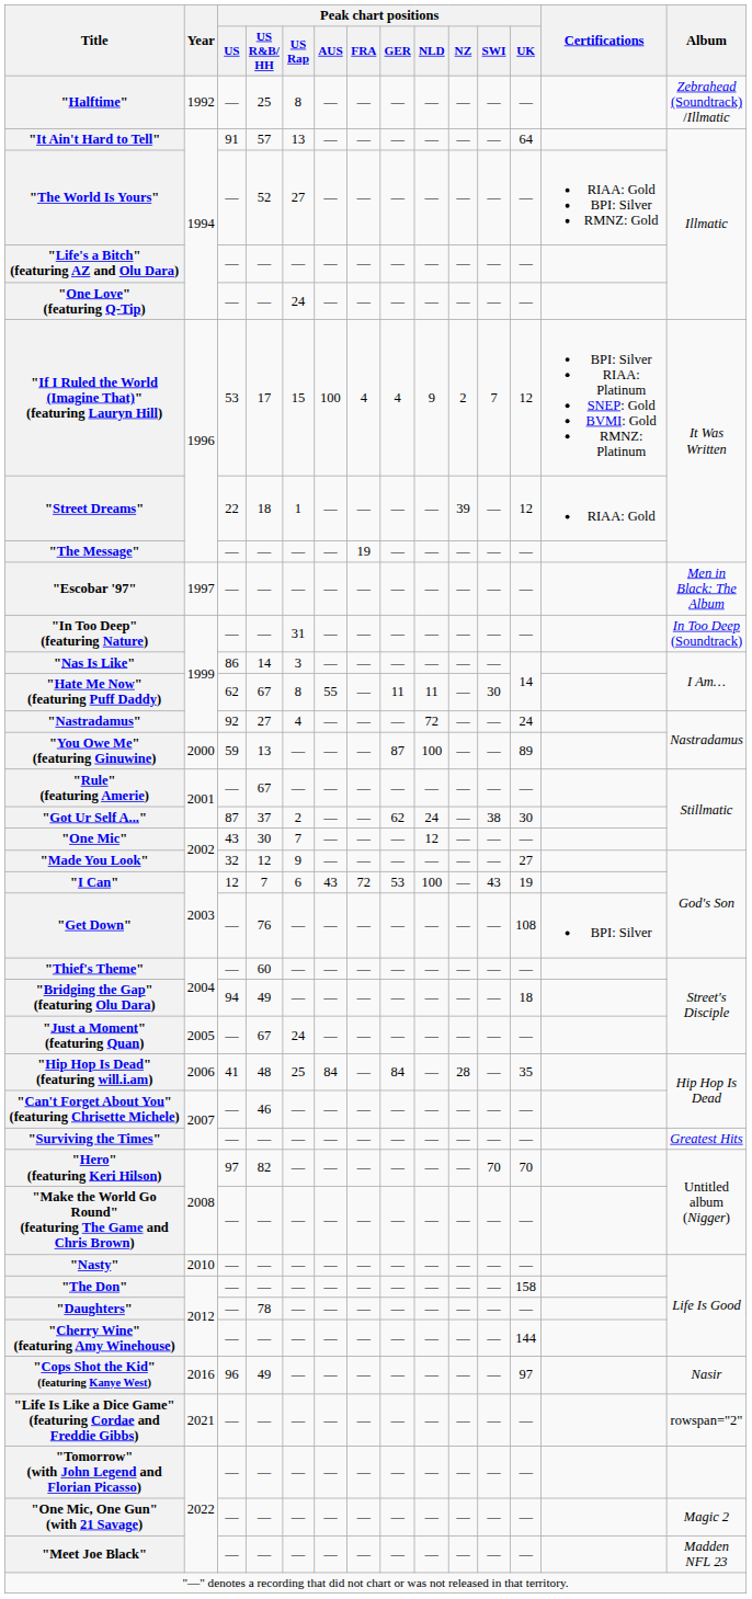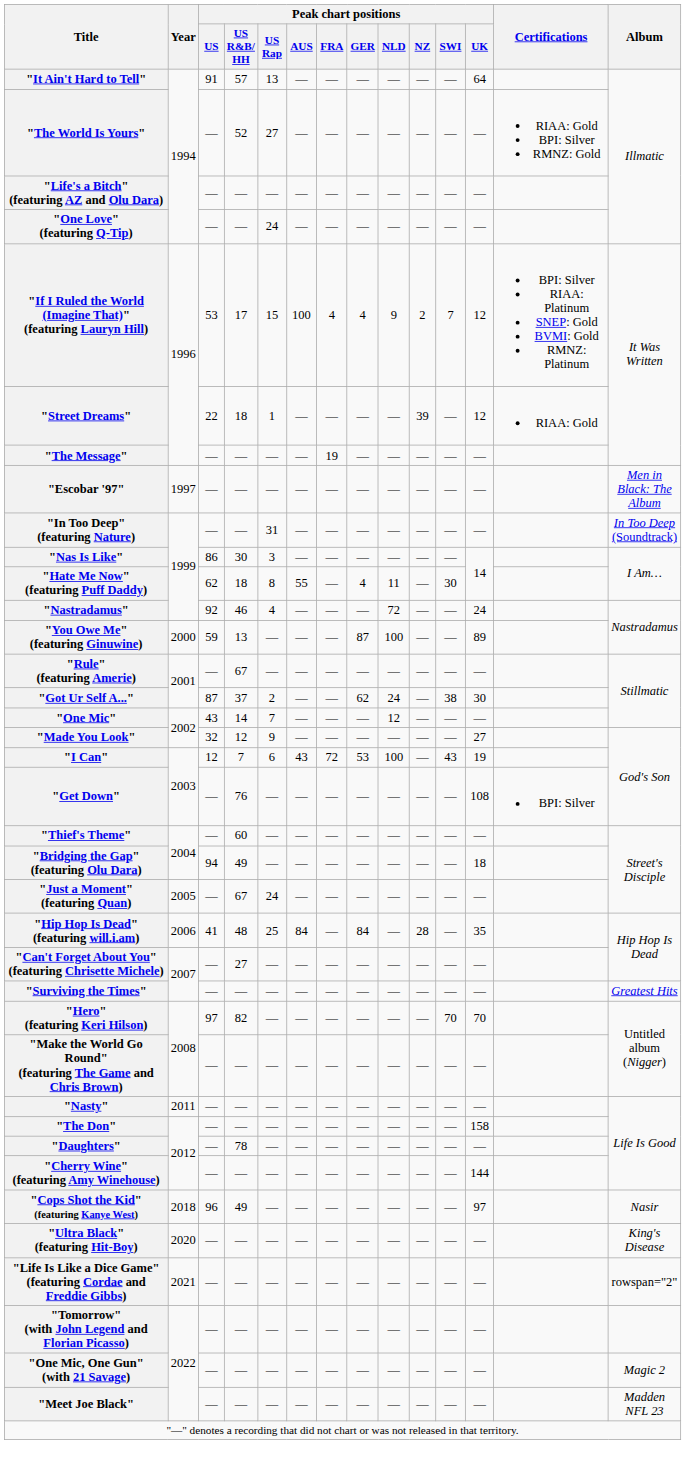 <table class="wikitable plainrowheaders" style="text-align:center;">
 <tr>
 <th scope="col" rowspan="2" style="width:20em;">Title</th>
 <th scope="col" rowspan="2">Year</th>
 <th scope="col" colspan="10">Peak chart positions</th>
 <th scope="col" rowspan="2" style="width:12em;"><a href='#'>Certifications</a></th>
 <th scope="col" rowspan="2">Album</th>
 </tr>
 <tr>
 <th scope="col" style="width:2.5em;font-size:90%;"><a href='#'>US</a><br></th>
 <th scope="col" style="width:2.5em;font-size:90%;"><a href='#'>US<br>R&B/<br>HH</a><br></th>
 <th scope="col" style="width:2.5em;font-size:90%;"><a href='#'>US<br>Rap</a><br></th>
 <th scope="col" style="width:2.5em;font-size:90%;"><a href='#'>AUS</a><br></th>
 <th scope="col" style="width:2.5em;font-size:90%;"><a href='#'>FRA</a><br></th>
 <th scope="col" style="width:2.5em;font-size:90%;"><a href='#'>GER</a><br></th>
 <th scope="col" style="width:2.5em;font-size:90%;"><a href='#'>NLD</a><br></th>
 <th scope="col" style="width:2.5em;font-size:90%;"><a href='#'>NZ</a><br></th>
 <th scope="col" style="width:2.5em;font-size:90%;"><a href='#'>SWI</a><br></th>
 <th scope="col" style="width:2.5em;font-size:90%;"><a href='#'>UK</a><br></th>
-</tr>
-<tr>
-<th scope="row">"<a href='#'>Halftime</a>"<br></th>
-<td>1992</td>
-<td>—</td>
-<td>25</td>
-<td>8</td>
-<td>—</td>
-<td>—</td>
-<td>—</td>
-<td>—</td>
-<td>—</td>
-<td>—</td>
-<td>—</td>
-<td></td>
-<td><a href='#'><em>Zebrahead</em> (Soundtrack)</a>  /<em>Illmatic</em></td>
 </tr>
 <tr>
 <th scope="row">"<a href='#'>It Ain't Hard to Tell</a>"</th>
 <td rowspan="4">1994</td>
 <td>91</td>
 <td>57</td>
 <td>13</td>
 <td>—</td>
 <td>—</td>
 <td>—</td>
 <td>—</td>
 <td>—</td>
 <td>—</td>
 <td>64</td>
 <td></td>
 <td rowspan="4"><em>Illmatic</em></td>
 </tr>
 <tr>
 <th scope="row">"<a href='#'>The World Is Yours</a>"</th>
 <td>—</td>
 <td>52</td>
 <td>27</td>
 <td>—</td>
 <td>—</td>
 <td>—</td>
 <td>—</td>
 <td>—</td>
 <td>—</td>
 <td>—</td>
 <td><br><ul><li>RIAA: Gold</li><li>BPI: Silver</li><li>RMNZ: Gold</li></ul></td>
 </tr>
 <tr>
 <th scope="row">"<a href='#'>Life's a Bitch</a>"<br><span>(featuring <a href='#'>AZ</a> and <a href='#'>Olu Dara</a>)</span></th>
 <td>—</td>
 <td>—</td>
 <td>—</td>
 <td>—</td>
 <td>—</td>
 <td>—</td>
 <td>—</td>
 <td>—</td>
 <td>—</td>
 <td>—</td>
 <td></td>
 </tr>
 <tr>
 <th scope="row">"<a href='#'>One Love</a>"<br><span>(featuring <a href='#'>Q-Tip</a>)</span></th>
 <td>—</td>
 <td>—</td>
 <td>24</td>
 <td>—</td>
 <td>—</td>
 <td>—</td>
 <td>—</td>
 <td>—</td>
 <td>—</td>
 <td>—</td>
 <td></td>
 </tr>
 <tr>
 <th scope="row">"<a href='#'>If I Ruled the World (Imagine That)</a>"<br><span>(featuring <a href='#'>Lauryn Hill</a>)</span></th>
 <td rowspan="3">1996</td>
 <td>53</td>
 <td>17</td>
 <td>15</td>
 <td>100</td>
 <td>4</td>
 <td>4</td>
 <td>9</td>
 <td>2</td>
 <td>7</td>
 <td>12</td>
 <td><br><ul><li>BPI: Silver</li><li>RIAA: Platinum</li><li><a href='#'>SNEP</a>: Gold</li><li><a href='#'>BVMI</a>: Gold</li><li>RMNZ: Platinum</li></ul></td>
 <td rowspan="3"><em>It Was Written</em></td>
 </tr>
 <tr>
 <th scope="row">"<a href='#'>Street Dreams</a>"</th>
 <td>22</td>
 <td>18</td>
 <td>1</td>
 <td>—</td>
 <td>—</td>
 <td>—</td>
 <td>—</td>
 <td>39</td>
 <td>—</td>
 <td>12</td>
 <td><br><ul><li>RIAA: Gold</li></ul></td>
 </tr>
 <tr>
 <th scope="row">"<a href='#'>The Message</a>"</th>
 <td>—</td>
 <td>—</td>
 <td>—</td>
 <td>—</td>
 <td>19</td>
 <td>—</td>
 <td>—</td>
 <td>—</td>
 <td>—</td>
 <td>—</td>
 <td></td>
 </tr>
 <tr>
 <th scope="row">"Escobar '97"</th>
 <td>1997</td>
 <td>—</td>
 <td>—</td>
 <td>—</td>
 <td>—</td>
 <td>—</td>
 <td>—</td>
 <td>—</td>
 <td>—</td>
 <td>—</td>
 <td>—</td>
 <td></td>
 <td><em><a href='#'>Men in Black: The Album</a></em></td>
 </tr>
 <tr>
 <th scope="row">"In Too Deep"<br><span>(featuring <a href='#'>Nature</a>)</span></th>
 <td rowspan="4">1999</td>
 <td>—</td>
 <td>—</td>
 <td>31</td>
 <td>—</td>
 <td>—</td>
 <td>—</td>
 <td>—</td>
 <td>—</td>
 <td>—</td>
 <td>—</td>
 <td></td>
 <td><a href='#'><em>In Too Deep</em> (Soundtrack)</a></td>
 </tr>
 <tr>
 <th scope="row">"<a href='#'>Nas Is Like</a>"</th>
 <td>86</td>
-<td>14</td>
+<td>30</td>
 <td>3</td>
 <td>—</td>
 <td>—</td>
 <td>—</td>
 <td>—</td>
 <td>—</td>
 <td>—</td>
 <td rowspan="2">14</td>
 <td></td>
 <td rowspan="2"><em>I Am…</em></td>
 </tr>
 <tr>
 <th scope="row">"<a href='#'>Hate Me Now</a>"<br><span>(featuring <a href='#'>Puff Daddy</a>)</span></th>
 <td>62</td>
-<td>67</td>
+<td>18</td>
 <td>8</td>
 <td>55</td>
 <td>—</td>
-<td>11</td>
+<td>4</td>
 <td>11</td>
 <td>—</td>
 <td>30</td>
 <td></td>
 </tr>
 <tr>
 <th scope="row">"<a href='#'>Nastradamus</a>"</th>
 <td>92</td>
-<td>27</td>
+<td>46</td>
 <td>4</td>
 <td>—</td>
 <td>—</td>
 <td>—</td>
 <td>72</td>
 <td>—</td>
 <td>—</td>
 <td>24</td>
 <td></td>
 <td rowspan="2"><em>Nastradamus</em></td>
 </tr>
 <tr>
 <th scope="row">"<a href='#'>You Owe Me</a>"<br><span>(featuring <a href='#'>Ginuwine</a>)</span></th>
 <td>2000</td>
 <td>59</td>
 <td>13</td>
 <td>—</td>
 <td>—</td>
 <td>—</td>
 <td>87</td>
 <td>100</td>
 <td>—</td>
 <td>—</td>
 <td>89</td>
 <td></td>
 </tr>
 <tr>
 <th scope="row">"<a href='#'>Rule</a>"<br><span>(featuring <a href='#'>Amerie</a>)</span></th>
 <td rowspan="2">2001</td>
 <td>—</td>
 <td>67</td>
 <td>—</td>
 <td>—</td>
 <td>—</td>
 <td>—</td>
 <td>—</td>
 <td>—</td>
 <td>—</td>
 <td>—</td>
 <td></td>
 <td rowspan="3"><em>Stillmatic</em></td>
 </tr>
 <tr>
 <th scope="row">"<a href='#'>Got Ur Self A...</a>"</th>
 <td>87</td>
 <td>37</td>
 <td>2</td>
 <td>—</td>
 <td>—</td>
 <td>62</td>
 <td>24</td>
 <td>—</td>
 <td>38</td>
 <td>30</td>
 <td></td>
 </tr>
 <tr>
 <th scope="row">"<a href='#'>One Mic</a>"</th>
 <td rowspan="2">2002</td>
 <td>43</td>
-<td>30</td>
+<td>14</td>
 <td>7</td>
 <td>—</td>
 <td>—</td>
 <td>—</td>
 <td>12</td>
 <td>—</td>
 <td>—</td>
 <td>—</td>
 <td></td>
 </tr>
 <tr>
 <th scope="row">"<a href='#'>Made You Look</a>"</th>
 <td>32</td>
 <td>12</td>
 <td>9</td>
 <td>—</td>
 <td>—</td>
 <td>—</td>
 <td>—</td>
 <td>—</td>
 <td>—</td>
 <td>27</td>
 <td></td>
 <td rowspan="3"><em>God's Son</em></td>
 </tr>
 <tr>
 <th scope="row">"<a href='#'>I Can</a>"</th>
 <td rowspan="2">2003</td>
 <td>12</td>
 <td>7</td>
 <td>6</td>
 <td>43</td>
 <td>72</td>
 <td>53</td>
 <td>100</td>
 <td>—</td>
 <td>43</td>
 <td>19</td>
 <td></td>
 </tr>
 <tr>
 <th scope="row">"<a href='#'>Get Down</a>"</th>
 <td>—</td>
 <td>76</td>
 <td>—</td>
 <td>—</td>
 <td>—</td>
 <td>—</td>
 <td>—</td>
 <td>—</td>
 <td>—</td>
 <td>108</td>
 <td><br><ul><li>BPI: Silver</li></ul></td>
 </tr>
 <tr>
 <th scope="row">"<a href='#'>Thief's Theme</a>"</th>
 <td rowspan="2">2004</td>
 <td>—</td>
 <td>60</td>
 <td>—</td>
 <td>—</td>
 <td>—</td>
 <td>—</td>
 <td>—</td>
 <td>—</td>
 <td>—</td>
 <td>—</td>
 <td></td>
 <td rowspan="3"><em>Street's Disciple</em></td>
 </tr>
 <tr>
 <th scope="row">"<a href='#'>Bridging the Gap</a>"<br><span>(featuring <a href='#'>Olu Dara</a>)</span></th>
 <td>94</td>
 <td>49</td>
 <td>—</td>
 <td>—</td>
 <td>—</td>
 <td>—</td>
 <td>—</td>
 <td>—</td>
 <td>—</td>
 <td>18</td>
 <td></td>
 </tr>
 <tr>
 <th scope="row">"<a href='#'>Just a Moment</a>"<br><span>(featuring <a href='#'>Quan</a>)</span></th>
 <td>2005</td>
 <td>—</td>
 <td>67</td>
 <td>24</td>
 <td>—</td>
 <td>—</td>
 <td>—</td>
 <td>—</td>
 <td>—</td>
 <td>—</td>
 <td>—</td>
 <td></td>
 </tr>
 <tr>
 <th scope="row">"<a href='#'>Hip Hop Is Dead</a>"<br><span>(featuring <a href='#'>will.i.am</a>)</span></th>
 <td>2006</td>
 <td>41</td>
 <td>48</td>
 <td>25</td>
 <td>84</td>
 <td>—</td>
 <td>84</td>
 <td>—</td>
 <td>28</td>
 <td>—</td>
 <td>35</td>
 <td></td>
 <td rowspan="2"><em>Hip Hop Is Dead</em></td>
 </tr>
 <tr>
 <th scope="row">"<a href='#'>Can't Forget About You</a>"<br><span>(featuring <a href='#'>Chrisette Michele</a>)</span></th>
 <td rowspan="2">2007</td>
 <td>—</td>
-<td>46</td>
+<td>27</td>
 <td>—</td>
 <td>—</td>
 <td>—</td>
 <td>—</td>
 <td>—</td>
 <td>—</td>
 <td>—</td>
 <td>—</td>
 <td></td>
 </tr>
 <tr>
 <th>"<a href='#'>Surviving the Times</a>"</th>
 <td>—</td>
 <td>—</td>
 <td>—</td>
 <td>—</td>
 <td>—</td>
 <td>—</td>
 <td>—</td>
 <td>—</td>
 <td>—</td>
 <td>—</td>
 <td></td>
 <td><a href='#'><em>Greatest Hits</em></a></td>
 </tr>
 <tr>
 <th scope="row">"<a href='#'>Hero</a>"<br><span>(featuring <a href='#'>Keri Hilson</a>)</span></th>
 <td rowspan="2">2008</td>
 <td>97</td>
 <td>82</td>
 <td>—</td>
 <td>—</td>
 <td>—</td>
 <td>—</td>
 <td>—</td>
 <td>—</td>
 <td>70</td>
 <td>70</td>
 <td></td>
 <td rowspan="2">Untitled album (<em>Nigger</em>)</td>
 </tr>
 <tr>
 <th scope="row">"Make the World Go Round"<br><span>(featuring <a href='#'>The Game</a> and <a href='#'>Chris Brown</a>)</span></th>
 <td>—</td>
 <td>—</td>
 <td>—</td>
 <td>—</td>
 <td>—</td>
 <td>—</td>
 <td>—</td>
 <td>—</td>
 <td>—</td>
 <td>—</td>
 <td></td>
 </tr>
 <tr>
 <th scope="row">"<a href='#'>Nasty</a>"</th>
-<td>2010</td>
+<td>2011</td>
 <td>—</td>
 <td>—</td>
 <td>—</td>
 <td>—</td>
 <td>—</td>
 <td>—</td>
 <td>—</td>
 <td>—</td>
 <td>—</td>
 <td>—</td>
 <td></td>
 <td rowspan="4"><em>Life Is Good</em></td>
 </tr>
 <tr>
 <th scope="row">"<a href='#'>The Don</a>"</th>
 <td rowspan="3">2012</td>
 <td>—</td>
 <td>—</td>
 <td>—</td>
 <td>—</td>
 <td>—</td>
 <td>—</td>
 <td>—</td>
 <td>—</td>
 <td>—</td>
 <td>158</td>
 <td></td>
 </tr>
 <tr>
 <th scope="row">"<a href='#'>Daughters</a>"</th>
 <td>—</td>
 <td>78</td>
 <td>—</td>
 <td>—</td>
 <td>—</td>
 <td>—</td>
 <td>—</td>
 <td>—</td>
 <td>—</td>
 <td>—</td>
 <td></td>
 </tr>
 <tr>
 <th scope="row">"<a href='#'>Cherry Wine</a>" <br><span>(featuring <a href='#'>Amy Winehouse</a>)</span></th>
 <td>—</td>
 <td>—</td>
 <td>—</td>
 <td>—</td>
 <td>—</td>
 <td>—</td>
 <td>—</td>
 <td>—</td>
 <td>—</td>
 <td>144</td>
 <td></td>
 </tr>
 <tr>
 <th scope="row">"<a href='#'>Cops Shot the Kid</a>"<br><small>(featuring <a href='#'>Kanye West</a>)</small></th>
-<td>2016</td>
+<td>2018</td>
 <td>96</td>
 <td>49</td>
 <td>—</td>
 <td>—</td>
 <td>—</td>
 <td>—</td>
 <td>—</td>
 <td>—</td>
 <td>—</td>
 <td>97</td>
 <td></td>
 <td><em>Nasir</em></td>
+</tr>
+<tr>
+<th scope="row">"<a href='#'>Ultra Black</a>" <br><span>(featuring <a href='#'>Hit-Boy</a>)</span></th>
+<td>2020</td>
+<td>—</td>
+<td>—</td>
+<td>—</td>
+<td>—</td>
+<td>—</td>
+<td>—</td>
+<td>—</td>
+<td>—</td>
+<td>—</td>
+<td>—</td>
+<td></td>
+<td><em>King's Disease</em></td>
 </tr>
 <tr>
 <th scope="row">"Life Is Like a Dice Game"<br><span>(featuring <a href='#'>Cordae</a> and <a href='#'>Freddie Gibbs</a>)</span></th>
 <td>2021</td>
 <td>—</td>
 <td>—</td>
 <td>—</td>
 <td>—</td>
 <td>—</td>
 <td>—</td>
 <td>—</td>
 <td>—</td>
 <td>—</td>
 <td>—</td>
 <td></td>
 <td>rowspan="2" </td>
 </tr>
 <tr>
 <th scope="row">"Tomorrow" <br><span>(with <a href='#'>John Legend</a> and <a href='#'>Florian Picasso</a>)</span></th>
 <td rowspan="3">2022</td>
 <td>—</td>
 <td>—</td>
 <td>—</td>
 <td>—</td>
 <td>—</td>
 <td>—</td>
 <td>—</td>
 <td>—</td>
 <td>—</td>
 <td>—</td>
 <td></td>
 </tr>
 <tr>
 <th scope="row">"One Mic, One Gun"<br><span>(with <a href='#'>21 Savage</a>)</span></th>
 <td>—</td>
 <td>—</td>
 <td>—</td>
 <td>—</td>
 <td>—</td>
 <td>—</td>
 <td>—</td>
 <td>—</td>
 <td>—</td>
 <td>—</td>
 <td></td>
 <td><em>Magic 2</em></td>
 </tr>
 <tr>
 <th scope="row">"Meet Joe Black"</th>
 <td>—</td>
 <td>—</td>
 <td>—</td>
 <td>—</td>
 <td>—</td>
 <td>—</td>
 <td>—</td>
 <td>—</td>
 <td>—</td>
 <td>—</td>
 <td></td>
 <td><em>Madden NFL 23</em></td>
 </tr>
 <tr>
 <td colspan="14" style="font-size:90%">"—" denotes a recording that did not chart or was not released in that territory.</td>
 </tr>
 </table>
